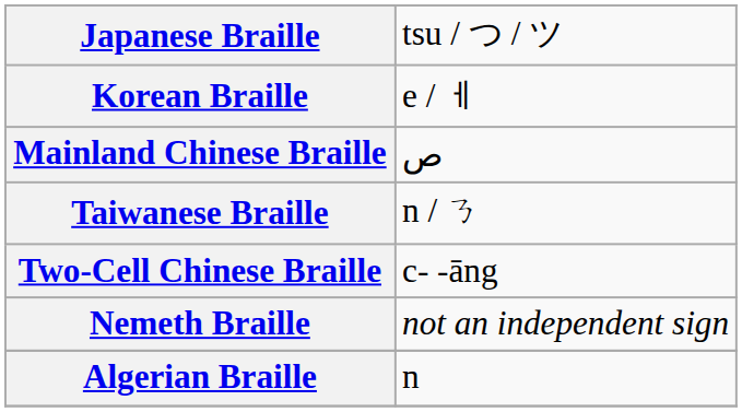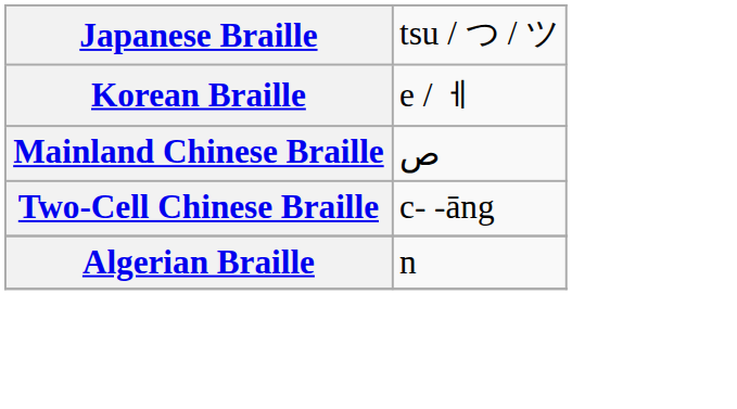 <table class="wikitable">
 <tr>
 <th align=left><a href='#'>Japanese Braille</a></th>
 <td>tsu / つ / ツ </td>
 </tr>
 <tr>
 <th align=left><a href='#'>Korean Braille</a></th>
 <td>e / ㅔ </td>
 </tr>
 <tr>
 <th align=left><a href='#'>Mainland Chinese Braille</a></th>
 <td>ص ‎</td>
 </tr>
 <tr>
-<th align=left><a href='#'>Taiwanese Braille</a></th>
-<td>n / ㄋ</td>
-</tr>
-<tr>
 <th align=left><a href='#'>Two-Cell Chinese Braille</a></th>
 <td>c- -āng</td>
-</tr>
-<tr>
-<th align=left><a href='#'>Nemeth Braille</a></th>
-<td><em>not an independent sign</em> </td>
 </tr>
 <tr>
 </tr>
 <tr>
 <th align=left><a href='#'>Algerian Braille</a></th>
 <td>n </td>
 </tr>
 <tr>
 </tr>
 </table>
